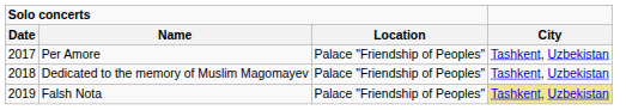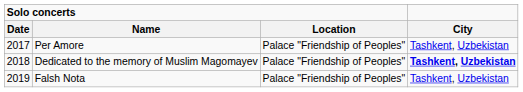 <table class="wikitable">
 <tr>
 <td colspan="3"><strong>Solo concerts</strong></td>
 <td></td>
 </tr>
 <tr>
 <th>Date</th>
 <th>Name</th>
 <th>Location</th>
 <th>City</th>
 </tr>
 <tr>
 <td>2017</td>
 <td>Per Amore</td>
 <td>Palace "Friendship of Peoples"</td>
 <td><a href='#'>Tashkent</a>, <a href='#'>Uzbekistan</a></td>
 </tr>
 <tr>
 <td>2018</td>
 <td>Dedicated to the memory of Muslim Magomayev</td>
 <td>Palace "Friendship of Peoples"</td>
-<td><a href='#'>Tashkent</a>, <a href='#'>Uzbekistan</a></td>
+<td><strong><a href='#'>Tashkent</a>, <a href='#'>Uzbekistan</a></strong></td>
 </tr>
 <tr>
 <td>2019</td>
 <td>Falsh Nota</td>
 <td>Palace "Friendship of Peoples"</td>
-<td style="background: khaki;"><a href='#'>Tashkent</a>, <a href='#'>Uzbekistan</a></td>
+<td><a href='#'>Tashkent</a>, <a href='#'>Uzbekistan</a></td>
 </tr>
 </table>
